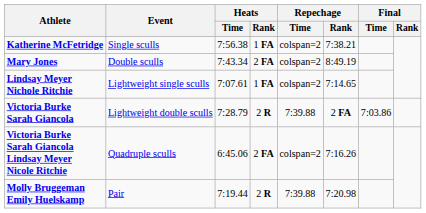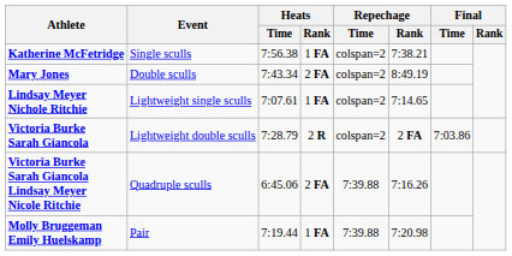 <table class="wikitable" style="font-size:90%">
 <tr>
 <th rowspan=2>Athlete</th>
 <th rowspan=2>Event</th>
 <th colspan="2">Heats</th>
 <th colspan="2">Repechage</th>
 <th colspan="2">Final</th>
 </tr>
 <tr style="font-size:95%">
 <th>Time</th>
 <th>Rank</th>
 <th>Time</th>
 <th>Rank</th>
 <th>Time</th>
 <th>Rank</th>
 </tr>
 <tr align=center>
 <td align=left><strong><a href='#'>Katherine McFetridge</a></strong></td>
 <td align=left><a href='#'>Single sculls</a></td>
 <td>7:56.38</td>
 <td>1 <strong>FA</strong></td>
 <td>colspan=2 </td>
 <td>7:38.21</td>
 <td></td>
 </tr>
 <tr align=center>
 <td align=left><strong><a href='#'>Mary Jones</a></strong></td>
 <td align=left><a href='#'>Double sculls</a></td>
 <td>7:43.34</td>
 <td>2 <strong>FA</strong></td>
 <td>colspan=2 </td>
 <td>8:49.19</td>
 <td></td>
 </tr>
 <tr align=center>
 <td align=left><strong><a href='#'>Lindsay Meyer</a><br><a href='#'>Nichole Ritchie</a></strong></td>
 <td align=left><a href='#'>Lightweight single sculls</a></td>
 <td>7:07.61</td>
 <td>1 <strong>FA</strong></td>
 <td>colspan=2 </td>
 <td>7:14.65</td>
 <td></td>
 </tr>
 <tr align=center>
 <td align=left><strong><a href='#'>Victoria Burke</a><br><a href='#'>Sarah Giancola</a></strong></td>
 <td align=left><a href='#'>Lightweight double sculls</a></td>
 <td>7:28.79</td>
 <td>2 <strong>R</strong></td>
-<td>7:39.88</td>
+<td>colspan=2 </td>
 <td>2 <strong>FA</strong></td>
 <td>7:03.86</td>
 <td></td>
 </tr>
 <tr align=center>
 <td align=left><strong><a href='#'>Victoria Burke</a><br><a href='#'>Sarah Giancola</a><br><a href='#'>Lindsay Meyer</a><br><a href='#'>Nicole Ritchie</a></strong></td>
 <td align=left><a href='#'>Quadruple sculls</a></td>
 <td>6:45.06</td>
 <td>2 <strong>FA</strong></td>
-<td>colspan=2 </td>
+<td>7:39.88</td>
 <td>7:16.26</td>
 <td></td>
 </tr>
 <tr align=center>
 <td align=left><strong><a href='#'>Molly Bruggeman</a><br><a href='#'>Emily Huelskamp</a></strong></td>
 <td align=left><a href='#'>Pair</a></td>
 <td>7:19.44</td>
-<td>2 <strong>R</strong></td>
+<td>1 <strong>FA</strong></td>
 <td>7:39.88</td>
 <td>7:20.98</td>
 <td></td>
 </tr>
 </table>
